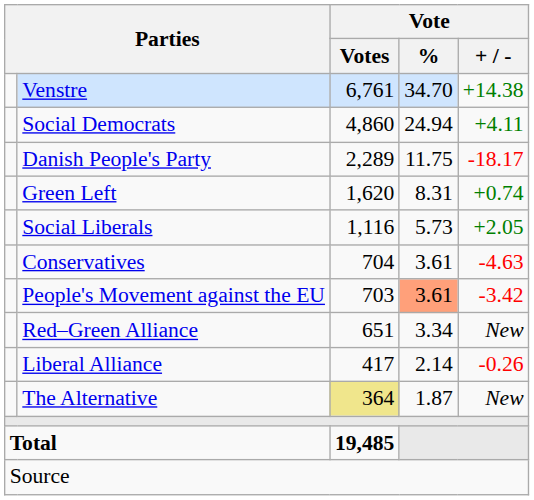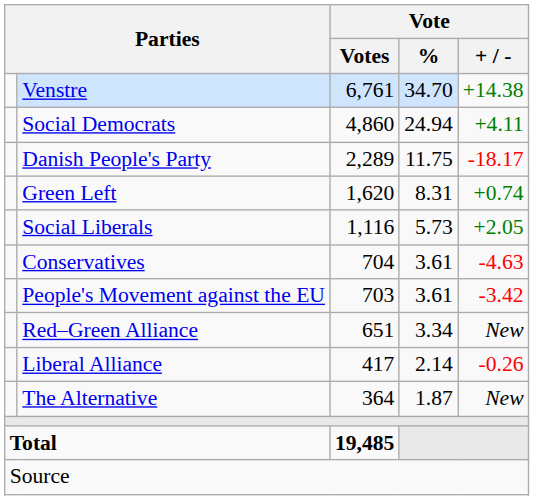 <table class="wikitable" style="text-align:right;">
 <tr>
 <th style="text-align:centre;" rowspan="2" colspan="2" width="225">Parties</th>
 <th colspan="3">Vote</th>
 </tr>
 <tr>
 <th width="15">Votes</th>
 <th width="15">%</th>
 <th width="15">+ / -</th>
 </tr>
 <tr>
 <td width="2" style="color:inherit;background:"></td>
 <td bgcolor=#cfe5fe   align="left"><a href='#'>Venstre</a></td>
 <td bgcolor=#cfe5fe>6,761</td>
 <td bgcolor=#cfe5fe>34.70</td>
 <td style=color:green;>+14.38</td>
 </tr>
 <tr>
 <td width="2" style="color:inherit;background:"></td>
 <td align="left"><a href='#'>Social Democrats</a></td>
 <td>4,860</td>
 <td>24.94</td>
 <td style=color:green;>+4.11</td>
 </tr>
 <tr>
 <td width="2" style="color:inherit;background:"></td>
 <td align="left"><a href='#'>Danish People's Party</a></td>
 <td>2,289</td>
 <td>11.75</td>
 <td style=color:red;>-18.17</td>
 </tr>
 <tr>
 <td width="2" style="color:inherit;background:"></td>
 <td align="left"><a href='#'>Green Left</a></td>
 <td>1,620</td>
 <td>8.31</td>
 <td style=color:green;>+0.74</td>
 </tr>
 <tr>
 <td width="2" style="color:inherit;background:"></td>
 <td align="left"><a href='#'>Social Liberals</a></td>
 <td>1,116</td>
 <td>5.73</td>
 <td style=color:green;>+2.05</td>
 </tr>
 <tr>
 <td width="2" style="color:inherit;background:"></td>
 <td align="left"><a href='#'>Conservatives</a></td>
 <td>704</td>
 <td>3.61</td>
 <td style=color:red;>-4.63</td>
 </tr>
 <tr>
 <td width="2" style="color:inherit;background:"></td>
 <td align="left"><a href='#'>People's Movement against the EU</a></td>
 <td>703</td>
-<td style="background: lightsalmon;">3.61</td>
+<td>3.61</td>
 <td style=color:red;>-3.42</td>
 </tr>
 <tr>
 <td width="2" style="color:inherit;background:"></td>
 <td align="left"><a href='#'>Red–Green Alliance</a></td>
 <td>651</td>
 <td>3.34</td>
 <td><em>New</em></td>
 </tr>
 <tr>
 <td width="2" style="color:inherit;background:"></td>
 <td align="left"><a href='#'>Liberal Alliance</a></td>
 <td>417</td>
 <td>2.14</td>
 <td style=color:red;>-0.26</td>
 </tr>
 <tr>
 <td width="2" style="color:inherit;background:"></td>
 <td align="left"><a href='#'>The Alternative</a></td>
-<td style="background: khaki;">364</td>
+<td>364</td>
 <td>1.87</td>
 <td><em>New</em></td>
 </tr>
 <tr>
 <td colspan="7" bgcolor="#E9E9E9"></td>
 </tr>
 <tr>
 <td align="left" colspan="2"><strong>Total</strong></td>
 <td><strong>19,485</strong></td>
 <td bgcolor="#E9E9E9" colspan="2"></td>
 </tr>
 <tr>
 <td align="left" colspan="6">Source</td>
 </tr>
 </table>
